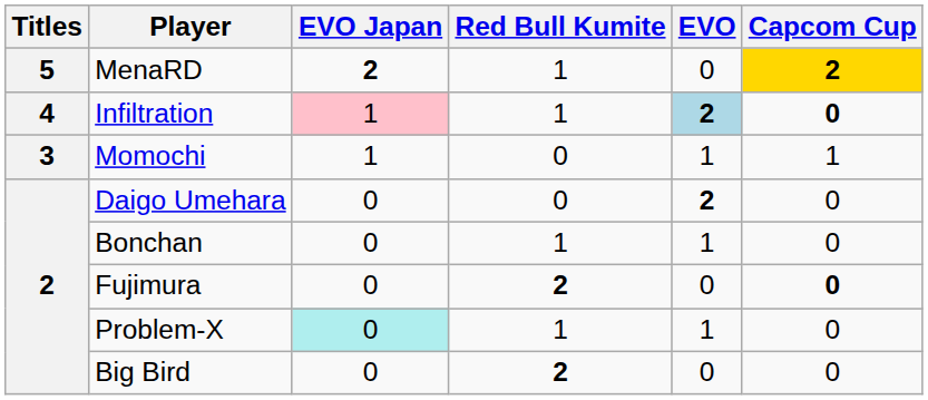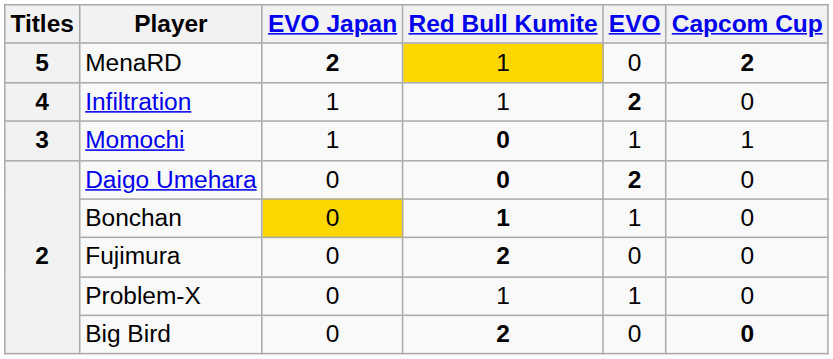 <table class="wikitable sortable">
 <tr>
 <th>Titles</th>
 <th>Player</th>
 <th><a href='#'>EVO Japan</a></th>
 <th><a href='#'>Red Bull Kumite</a></th>
 <th><a href='#'>EVO</a></th>
 <th><a href='#'>Capcom Cup</a></th>
 </tr>
 <tr>
 <th>5</th>
 <td>MenaRD</td>
 <td align="center"><strong>2</strong></td>
-<td align="center">1</td>
+<td align="center" style="background: gold;">1</td>
 <td align="center">0</td>
-<td align="center" style="background: gold;"><strong>2</strong></td>
+<td align="center"><strong>2</strong></td>
 </tr>
 <tr>
 <th>4</th>
 <td><a href='#'>Infiltration</a></td>
-<td align="center" style="background: pink;">1</td>
 <td align="center">1</td>
-<td align="center" style="background: lightblue;"><strong>2</strong></td>
-<td align="center"><strong>0</strong></td>
+<td align="center">1</td>
+<td align="center"><strong>2</strong></td>
+<td align="center">0</td>
 </tr>
 <tr>
 <th>3</th>
 <td><a href='#'>Momochi</a></td>
 <td align="center">1</td>
-<td align="center">0</td>
+<td align="center"><strong>0</strong></td>
 <td align="center">1</td>
 <td align="center">1</td>
 </tr>
 <tr>
 <th rowspan="5">2</th>
 <td><a href='#'>Daigo Umehara</a></td>
 <td align="center">0</td>
-<td align="center">0</td>
+<td align="center"><strong>0</strong></td>
 <td align="center"><strong>2</strong></td>
 <td align="center">0</td>
 </tr>
 <tr>
 <td>Bonchan</td>
-<td align="center">0</td>
-<td align="center">1</td>
+<td align="center" style="background: gold;">0</td>
+<td align="center"><strong>1</strong></td>
 <td align="center">1</td>
 <td align="center">0</td>
 </tr>
 <tr>
 <td>Fujimura</td>
 <td align="center">0</td>
 <td align="center"><strong>2</strong></td>
 <td align="center">0</td>
-<td align="center"><strong>0</strong></td>
+<td align="center">0</td>
 </tr>
 <tr>
 <td>Problem-X</td>
-<td align="center" style="background: paleturquoise;">0</td>
+<td align="center">0</td>
 <td align="center">1</td>
 <td align="center">1</td>
 <td align="center">0</td>
 </tr>
 <tr>
 <td>Big Bird</td>
 <td align="center">0</td>
 <td align="center"><strong>2</strong></td>
 <td align="center">0</td>
-<td align="center">0</td>
+<td align="center"><strong>0</strong></td>
 </tr>
 </table>
